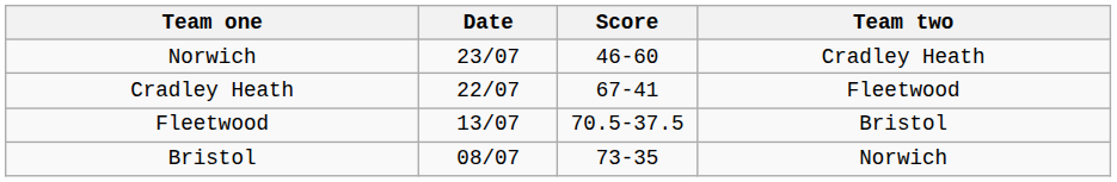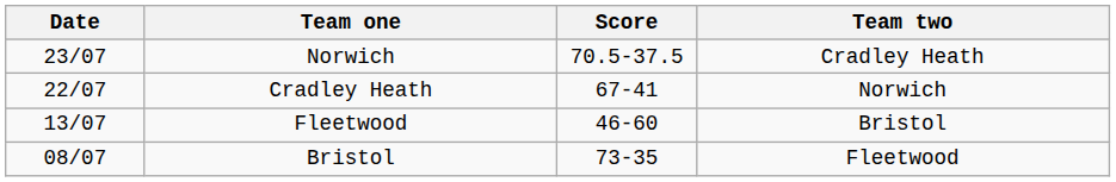 <table class="wikitable" style="text-align: center">
 <tr>
+<th width=80>Date</th>
 <th width=250>Team one</th>
-<th width=80>Date</th>
 <th width=80>Score</th>
 <th width=250>Team two</th>
 </tr>
 <tr>
+<td>23/07</td>
 <td>Norwich</td>
-<td>23/07</td>
-<td>46-60</td>
+<td>70.5-37.5</td>
 <td>Cradley Heath</td>
 </tr>
 <tr>
+<td>22/07</td>
 <td>Cradley Heath</td>
-<td>22/07</td>
 <td>67-41</td>
-<td>Fleetwood</td>
+<td>Norwich</td>
 </tr>
 <tr>
+<td>13/07</td>
 <td>Fleetwood</td>
-<td>13/07</td>
-<td>70.5-37.5</td>
+<td>46-60</td>
 <td>Bristol</td>
 </tr>
 <tr>
+<td>08/07</td>
 <td>Bristol</td>
-<td>08/07</td>
 <td>73-35</td>
-<td>Norwich</td>
+<td>Fleetwood</td>
 </tr>
 </table>
